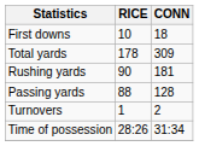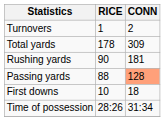 <table class="wikitable" style="float: left;">
 <tr>
 <th>Statistics</th>
 <th>RICE</th>
 <th>CONN</th>
 </tr>
 <tr>
-<td>First downs</td>
-<td>10</td>
-<td>18</td>
+<td>Turnovers</td>
+<td>1</td>
+<td>2</td>
 </tr>
 <tr>
 <td>Total yards</td>
 <td>178</td>
 <td>309</td>
 </tr>
 <tr>
 <td>Rushing yards</td>
 <td>90</td>
 <td>181</td>
 </tr>
 <tr>
 <td>Passing yards</td>
 <td>88</td>
-<td>128</td>
+<td style="background: lightsalmon;">128</td>
 </tr>
 <tr>
-<td>Turnovers</td>
-<td>1</td>
-<td>2</td>
+<td>First downs</td>
+<td>10</td>
+<td>18</td>
 </tr>
 <tr>
 <td>Time of possession</td>
 <td>28:26</td>
 <td>31:34</td>
 </tr>
 <tr>
 </tr>
 </table>
